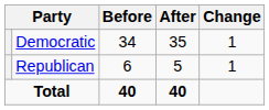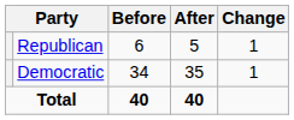 <table class="wikitable" style="text-align:center;">
 <tr>
 <th colspan="2">Party</th>
 <th>Before</th>
 <th>After</th>
 <th>Change</th>
 </tr>
 <tr>
 <th style="background-color:"></th>
-<td style="text-align:left;"><a href='#'>Democratic</a></td>
-<td>34</td>
-<td>35</td>
+<td style="text-align:left;"><a href='#'>Republican</a></td>
+<td>6</td>
+<td>5</td>
 <td> 1</td>
 </tr>
 <tr>
 <th style="background-color:"></th>
-<td style="text-align:left;"><a href='#'>Republican</a></td>
-<td>6</td>
-<td>5</td>
+<td style="text-align:left;"><a href='#'>Democratic</a></td>
+<td>34</td>
+<td>35</td>
 <td> 1</td>
 </tr>
 <tr>
 <td colspan="2"><strong>Total</strong></td>
 <td><strong>40</strong></td>
 <td><strong>40</strong></td>
 <td></td>
 </tr>
 </table>
